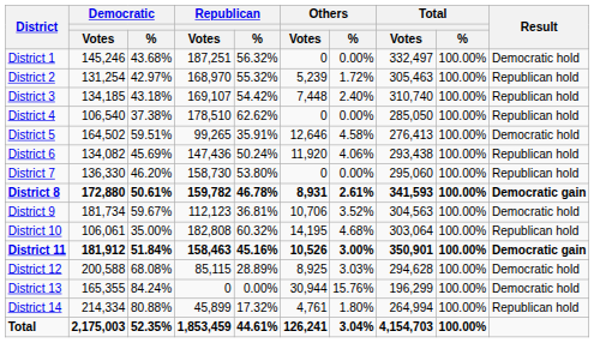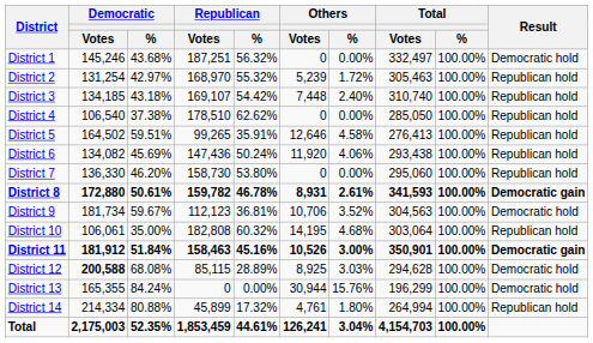 <table class="wikitable plainrowheaders sortable" style="font-size:100%; text-align:right;">
 <tr>
 <th scope=col rowspan=3><a href='#'>District</a></th>
 <th scope=col colspan=2><a href='#'>Democratic</a></th>
 <th scope=col colspan=2><a href='#'>Republican</a></th>
 <th scope=col colspan=2>Others</th>
 <th scope=col colspan=2>Total</th>
 <th scope=col rowspan=3>Result</th>
 </tr>
 <tr>
 <th scope=col colspan=2 style="background:"></th>
 <th scope=col colspan=2 style="background:"></th>
 <th scope=col colspan=2></th>
 <th scope=col colspan=2></th>
 </tr>
 <tr>
 <th scope=col data-sort-type="number">Votes</th>
 <th scope=col data-sort-type="number">%</th>
 <th scope=col data-sort-type="number">Votes</th>
 <th scope=col data-sort-type="number">%</th>
 <th scope=col data-sort-type="number">Votes</th>
 <th scope=col data-sort-type="number">%</th>
 <th scope=col data-sort-type="number">Votes</th>
 <th scope=col data-sort-type="number">%</th>
 </tr>
 <tr>
 <td align=left><a href='#'>District 1</a></td>
 <td>145,246</td>
 <td>43.68%</td>
 <td>187,251</td>
 <td>56.32%</td>
 <td>0</td>
 <td>0.00%</td>
 <td>332,497</td>
 <td>100.00%</td>
 <td align=left>Democratic hold</td>
 </tr>
 <tr>
 <td align=left><a href='#'>District 2</a></td>
 <td>131,254</td>
 <td>42.97%</td>
 <td>168,970</td>
 <td>55.32%</td>
 <td>5,239</td>
 <td>1.72%</td>
 <td>305,463</td>
 <td>100.00%</td>
 <td align=left>Republican hold</td>
 </tr>
 <tr>
 <td align=left><a href='#'>District 3</a></td>
 <td>134,185</td>
 <td>43.18%</td>
 <td>169,107</td>
 <td>54.42%</td>
 <td>7,448</td>
 <td>2.40%</td>
 <td>310,740</td>
 <td>100.00%</td>
 <td align=left>Republican hold</td>
 </tr>
 <tr>
 <td align=left><a href='#'>District 4</a></td>
 <td>106,540</td>
 <td>37.38%</td>
 <td>178,510</td>
 <td>62.62%</td>
 <td>0</td>
 <td>0.00%</td>
 <td>285,050</td>
 <td>100.00%</td>
 <td align=left>Republican hold</td>
 </tr>
 <tr>
 <td align=left><a href='#'>District 5</a></td>
 <td>164,502</td>
 <td>59.51%</td>
 <td>99,265</td>
 <td>35.91%</td>
 <td>12,646</td>
 <td>4.58%</td>
 <td>276,413</td>
 <td>100.00%</td>
-<td align=left>Democratic hold</td>
+<td align=left>Republican hold</td>
 </tr>
 <tr>
 <td align=left><a href='#'>District 6</a></td>
 <td>134,082</td>
 <td>45.69%</td>
 <td>147,436</td>
 <td>50.24%</td>
 <td>11,920</td>
 <td>4.06%</td>
 <td>293,438</td>
 <td>100.00%</td>
 <td align=left>Republican hold</td>
 </tr>
 <tr>
 <td align=left><a href='#'>District 7</a></td>
 <td>136,330</td>
 <td>46.20%</td>
 <td>158,730</td>
 <td>53.80%</td>
 <td>0</td>
 <td>0.00%</td>
 <td>295,060</td>
 <td>100.00%</td>
 <td align=left>Republican hold</td>
 </tr>
 <tr>
 <td align=left><strong><a href='#'>District 8</a></strong></td>
 <td><strong>172,880</strong></td>
 <td><strong>50.61%</strong></td>
 <td><strong>159,782</strong></td>
 <td><strong>46.78%</strong></td>
 <td><strong>8,931</strong></td>
 <td><strong>2.61%</strong></td>
 <td><strong>341,593</strong></td>
 <td><strong>100.00%</strong></td>
 <td align=left><strong>Democratic gain</strong></td>
 </tr>
 <tr>
 <td align=left><a href='#'>District 9</a></td>
 <td>181,734</td>
 <td>59.67%</td>
 <td>112,123</td>
 <td>36.81%</td>
 <td>10,706</td>
 <td>3.52%</td>
 <td>304,563</td>
 <td>100.00%</td>
 <td align=left>Democratic hold</td>
 </tr>
 <tr>
 <td align=left><a href='#'>District 10</a></td>
 <td>106,061</td>
 <td>35.00%</td>
 <td>182,808</td>
 <td>60.32%</td>
 <td>14,195</td>
 <td>4.68%</td>
 <td>303,064</td>
 <td>100.00%</td>
 <td align=left>Republican hold</td>
 </tr>
 <tr>
 <td align=left><strong><a href='#'>District 11</a></strong></td>
 <td><strong>181,912</strong></td>
 <td><strong>51.84%</strong></td>
 <td><strong>158,463</strong></td>
 <td><strong>45.16%</strong></td>
 <td><strong>10,526</strong></td>
 <td><strong>3.00%</strong></td>
 <td><strong>350,901</strong></td>
 <td><strong>100.00%</strong></td>
 <td align=left><strong>Democratic gain</strong></td>
 </tr>
 <tr>
 <td align=left><a href='#'>District 12</a></td>
-<td>200,588</td>
+<td><strong>200,588</strong></td>
 <td>68.08%</td>
 <td>85,115</td>
 <td>28.89%</td>
 <td>8,925</td>
 <td>3.03%</td>
 <td>294,628</td>
 <td>100.00%</td>
 <td align=left>Democratic hold</td>
 </tr>
 <tr>
 <td align=left><a href='#'>District 13</a></td>
 <td>165,355</td>
 <td>84.24%</td>
 <td>0</td>
 <td>0.00%</td>
 <td>30,944</td>
 <td>15.76%</td>
 <td>196,299</td>
 <td>100.00%</td>
 <td align=left>Democratic hold</td>
 </tr>
 <tr>
 <td align=left><a href='#'>District 14</a></td>
 <td>214,334</td>
 <td>80.88%</td>
 <td>45,899</td>
 <td>17.32%</td>
 <td>4,761</td>
 <td>1.80%</td>
 <td>264,994</td>
 <td>100.00%</td>
 <td align=left>Republican hold</td>
 </tr>
 <tr class="sortbottom" style="font-weight:bold">
 <td align=left>Total</td>
 <td>2,175,003</td>
 <td>52.35%</td>
 <td>1,853,459</td>
 <td>44.61%</td>
 <td>126,241</td>
 <td>3.04%</td>
 <td>4,154,703</td>
 <td>100.00%</td>
 <td></td>
 </tr>
 </table>
